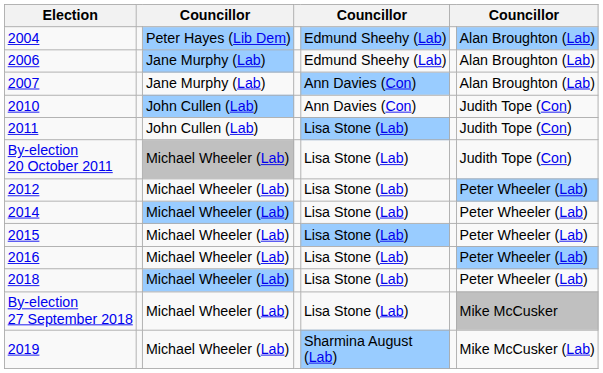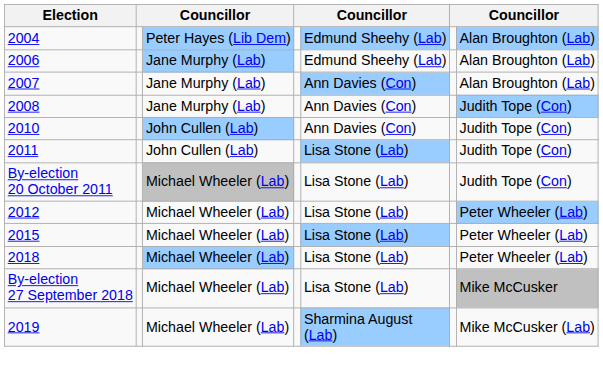 <table class="wikitable">
 <tr>
 <th>Election</th>
 <th colspan="2">Councillor</th>
 <th colspan="2">Councillor</th>
 <th colspan="2">Councillor</th>
 </tr>
 <tr>
 <td><a href='#'>2004</a></td>
 <td style="background-color: "></td>
 <td bgcolor="#99CCFF">Peter Hayes (<a href='#'>Lib Dem</a>)</td>
 <td style="background-color: "></td>
 <td bgcolor="#99CCFF">Edmund Sheehy (<a href='#'>Lab</a>)</td>
 <td style="background-color: "></td>
 <td bgcolor="#99CCFF">Alan Broughton (<a href='#'>Lab</a>)</td>
 </tr>
 <tr>
 <td><a href='#'>2006</a></td>
 <td style="background-color: "></td>
 <td bgcolor="#99CCFF">Jane Murphy (<a href='#'>Lab</a>)</td>
 <td style="background-color: "></td>
 <td>Edmund Sheehy (<a href='#'>Lab</a>)</td>
 <td style="background-color: "></td>
 <td>Alan Broughton (<a href='#'>Lab</a>)</td>
 </tr>
 <tr>
 <td><a href='#'>2007</a></td>
 <td style="background-color: "></td>
 <td>Jane Murphy (<a href='#'>Lab</a>)</td>
 <td style="background-color: "></td>
 <td bgcolor="#99CCFF">Ann Davies (<a href='#'>Con</a>)</td>
 <td style="background-color: "></td>
 <td>Alan Broughton (<a href='#'>Lab</a>)</td>
+</tr>
+<tr>
+<td><a href='#'>2008</a></td>
+<td style="background-color: "></td>
+<td>Jane Murphy (<a href='#'>Lab</a>)</td>
+<td style="background-color: "></td>
+<td>Ann Davies (<a href='#'>Con</a>)</td>
+<td style="background-color: "></td>
+<td bgcolor="#99CCFF">Judith Tope (<a href='#'>Con</a>)</td>
 </tr>
 <tr>
 <td><a href='#'>2010</a></td>
 <td style="background-color: "></td>
 <td bgcolor="#99CCFF">John Cullen (<a href='#'>Lab</a>)</td>
 <td style="background-color: "></td>
 <td>Ann Davies (<a href='#'>Con</a>)</td>
 <td style="background-color: "></td>
 <td>Judith Tope (<a href='#'>Con</a>)</td>
 </tr>
 <tr>
 <td><a href='#'>2011</a></td>
 <td style="background-color: "></td>
 <td>John Cullen (<a href='#'>Lab</a>)</td>
 <td style="background-color: "></td>
 <td bgcolor="#99CCFF">Lisa Stone (<a href='#'>Lab</a>)</td>
 <td style="background-color: "></td>
 <td>Judith Tope (<a href='#'>Con</a>)</td>
 </tr>
 <tr>
 <td><a href='#'>By-election<br>20 October 2011</a></td>
 <td style="background-color: "></td>
 <td bgcolor="#C0C0C0">Michael Wheeler (<a href='#'>Lab</a>)</td>
 <td style="background-color: "></td>
 <td>Lisa Stone (<a href='#'>Lab</a>)</td>
 <td style="background-color: "></td>
 <td>Judith Tope (<a href='#'>Con</a>)</td>
 </tr>
 <tr>
 <td><a href='#'>2012</a></td>
 <td style="background-color: "></td>
 <td>Michael Wheeler (<a href='#'>Lab</a>)</td>
 <td style="background-color: "></td>
 <td>Lisa Stone (<a href='#'>Lab</a>)</td>
 <td style="background-color: "></td>
 <td bgcolor="#99CCFF">Peter Wheeler (<a href='#'>Lab</a>)</td>
 </tr>
 <tr>
-<td><a href='#'>2014</a></td>
-<td style="background-color: "></td>
-<td bgcolor="#99CCFF">Michael Wheeler (<a href='#'>Lab</a>)</td>
-<td style="background-color: "></td>
-<td>Lisa Stone (<a href='#'>Lab</a>)</td>
-<td style="background-color: "></td>
-<td>Peter Wheeler (<a href='#'>Lab</a>)</td>
-</tr>
-<tr>
 <td><a href='#'>2015</a></td>
 <td style="background-color: "></td>
 <td>Michael Wheeler (<a href='#'>Lab</a>)</td>
 <td style="background-color: "></td>
 <td bgcolor="#99CCFF">Lisa Stone (<a href='#'>Lab</a>)</td>
 <td style="background-color: "></td>
 <td>Peter Wheeler (<a href='#'>Lab</a>)</td>
-</tr>
-<tr>
-<td><a href='#'>2016</a></td>
-<td style="background-color: "></td>
-<td>Michael Wheeler (<a href='#'>Lab</a>)</td>
-<td style="background-color: "></td>
-<td>Lisa Stone (<a href='#'>Lab</a>)</td>
-<td style="background-color: "></td>
-<td bgcolor="#99CCFF">Peter Wheeler (<a href='#'>Lab</a>)</td>
 </tr>
 <tr>
 <td><a href='#'>2018</a></td>
 <td style="background-color: "></td>
 <td bgcolor="#99CCFF">Michael Wheeler (<a href='#'>Lab</a>)</td>
 <td style="background-color: "></td>
 <td>Lisa Stone (<a href='#'>Lab</a>)</td>
 <td style="background-color: "></td>
 <td>Peter Wheeler (<a href='#'>Lab</a>)</td>
 </tr>
 <tr>
 <td><a href='#'>By-election<br>27 September 2018</a></td>
 <td style="background-color: "></td>
 <td>Michael Wheeler (<a href='#'>Lab</a>)</td>
 <td style="background-color: "></td>
 <td>Lisa Stone (<a href='#'>Lab</a>)</td>
 <td style="background-color: "></td>
 <td bgcolor="#C0C0C0">Mike McCusker</td>
 </tr>
 <tr>
 <td><a href='#'>2019</a></td>
 <td style="background-color: "></td>
 <td>Michael Wheeler (<a href='#'>Lab</a>)</td>
 <td style="background-color: "></td>
 <td bgcolor="#99CCFF">Sharmina August<br>(<a href='#'>Lab</a>)</td>
 <td style="background-color: "></td>
 <td>Mike McCusker (<a href='#'>Lab</a>)</td>
 </tr>
 </table>
